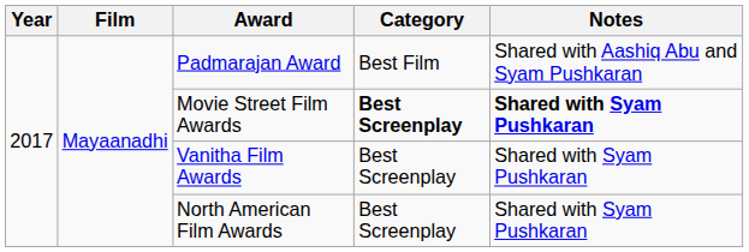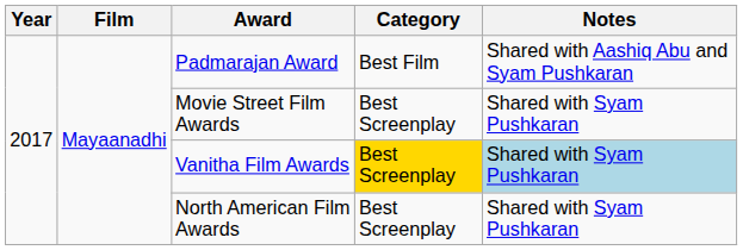 <table class="wikitable sortable">
 <tr>
 <th>Year</th>
 <th>Film</th>
 <th>Award</th>
 <th>Category</th>
 <th>Notes</th>
 </tr>
 <tr>
 <td rowspan=4>2017</td>
 <td rowspan=4><a href='#'>Mayaanadhi</a></td>
 <td><a href='#'>Padmarajan Award</a></td>
 <td>Best Film</td>
 <td>Shared with <a href='#'>Aashiq Abu</a> and <a href='#'>Syam Pushkaran</a></td>
 </tr>
 <tr>
 <td>Movie Street Film Awards</td>
-<td><strong>Best Screenplay</strong></td>
-<td><strong>Shared with <a href='#'>Syam Pushkaran</a></strong></td>
+<td>Best Screenplay</td>
+<td>Shared with <a href='#'>Syam Pushkaran</a></td>
 </tr>
 <tr>
 <td><a href='#'>Vanitha Film Awards</a></td>
-<td>Best Screenplay</td>
-<td>Shared with <a href='#'>Syam Pushkaran</a></td>
+<td style="background: gold;">Best Screenplay</td>
+<td style="background: lightblue;">Shared with <a href='#'>Syam Pushkaran</a></td>
 </tr>
 <tr>
 <td>North American Film Awards</td>
 <td>Best Screenplay</td>
 <td>Shared with <a href='#'>Syam Pushkaran</a></td>
 </tr>
 <tr>
 </tr>
 </table>
